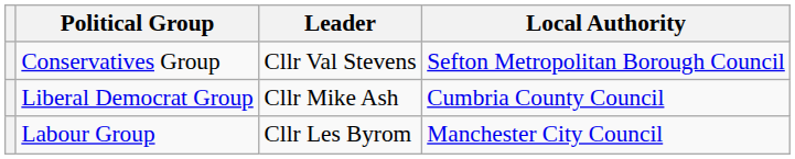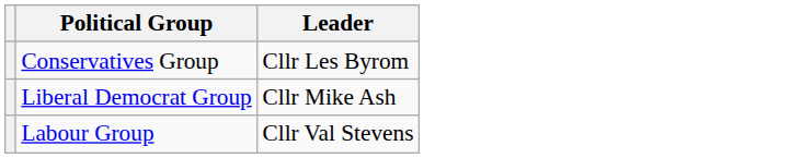 <table class="wikitable">
 <tr>
 <th></th>
 <th>Political Group</th>
 <th>Leader</th>
-<th>Local Authority</th>
 </tr>
 <tr>
 <th style="background-color: "></th>
 <td><a href='#'>Conservatives</a> Group</td>
-<td>Cllr Val Stevens </td>
-<td><a href='#'>Sefton Metropolitan Borough Council</a></td>
+<td>Cllr Les Byrom </td>
 </tr>
 <tr>
 <th style="background-color: "></th>
 <td><a href='#'>Liberal Democrat Group</a></td>
 <td>Cllr Mike Ash </td>
-<td><a href='#'>Cumbria County Council</a></td>
 </tr>
 <tr>
 <th style="background-color: "></th>
 <td><a href='#'>Labour Group</a></td>
-<td>Cllr Les Byrom </td>
-<td><a href='#'>Manchester City Council</a></td>
+<td>Cllr Val Stevens </td>
 </tr>
 </table>
